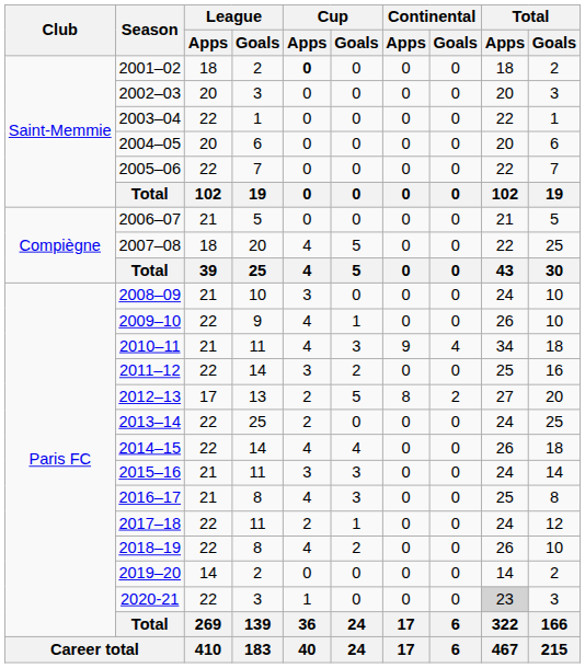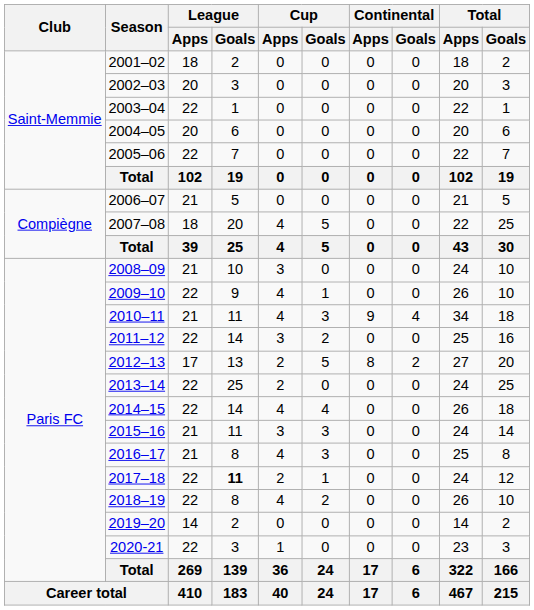 <table class="wikitable" style="text-align: center;">
 <tr>
 <th rowspan="2">Club</th>
 <th rowspan="2">Season</th>
 <th colspan="2">League</th>
 <th colspan="2">Cup</th>
 <th colspan="2">Continental</th>
 <th colspan="2">Total</th>
 </tr>
 <tr>
 <th>Apps</th>
 <th>Goals</th>
 <th>Apps</th>
 <th>Goals</th>
 <th>Apps</th>
 <th>Goals</th>
 <th>Apps</th>
 <th>Goals</th>
 </tr>
 <tr>
 <td rowspan="6" valign="center"><a href='#'>Saint-Memmie</a></td>
 <td>2001–02</td>
 <td>18</td>
 <td>2</td>
-<td><strong>0</strong></td>
+<td>0</td>
 <td>0</td>
 <td>0</td>
 <td>0</td>
 <td>18</td>
 <td>2</td>
 </tr>
 <tr>
 <td>2002–03</td>
 <td>20</td>
 <td>3</td>
 <td>0</td>
 <td>0</td>
 <td>0</td>
 <td>0</td>
 <td>20</td>
 <td>3</td>
 </tr>
 <tr>
 <td>2003–04</td>
 <td>22</td>
 <td>1</td>
 <td>0</td>
 <td>0</td>
 <td>0</td>
 <td>0</td>
 <td>22</td>
 <td>1</td>
 </tr>
 <tr>
 <td>2004–05</td>
 <td>20</td>
 <td>6</td>
 <td>0</td>
 <td>0</td>
 <td>0</td>
 <td>0</td>
 <td>20</td>
 <td>6</td>
 </tr>
 <tr>
 <td>2005–06</td>
 <td>22</td>
 <td>7</td>
 <td>0</td>
 <td>0</td>
 <td>0</td>
 <td>0</td>
 <td>22</td>
 <td>7</td>
 </tr>
 <tr>
 <th>Total</th>
 <th>102</th>
 <th>19</th>
 <th>0</th>
 <th>0</th>
 <th>0</th>
 <th>0</th>
 <th>102</th>
 <th>19</th>
 </tr>
 <tr>
 <td rowspan="3" valign="center"><a href='#'>Compiègne</a></td>
 <td>2006–07</td>
 <td>21</td>
 <td>5</td>
 <td>0</td>
 <td>0</td>
 <td>0</td>
 <td>0</td>
 <td>21</td>
 <td>5</td>
 </tr>
 <tr>
 <td>2007–08</td>
 <td>18</td>
 <td>20</td>
 <td>4</td>
 <td>5</td>
 <td>0</td>
 <td>0</td>
 <td>22</td>
 <td>25</td>
 </tr>
 <tr>
 <th>Total</th>
 <th>39</th>
 <th>25</th>
 <th>4</th>
 <th>5</th>
 <th>0</th>
 <th>0</th>
 <th>43</th>
 <th>30</th>
 </tr>
 <tr>
 <td rowspan="14" valign="center"><a href='#'>Paris FC</a></td>
 <td><a href='#'>2008–09</a></td>
 <td>21</td>
 <td>10</td>
 <td>3</td>
 <td>0</td>
 <td>0</td>
 <td>0</td>
 <td>24</td>
 <td>10</td>
 </tr>
 <tr>
 <td><a href='#'>2009–10</a></td>
 <td>22</td>
 <td>9</td>
 <td>4</td>
 <td>1</td>
 <td>0</td>
 <td>0</td>
 <td>26</td>
 <td>10</td>
 </tr>
 <tr>
 <td><a href='#'>2010–11</a></td>
 <td>21</td>
 <td>11</td>
 <td>4</td>
 <td>3</td>
 <td>9</td>
 <td>4</td>
 <td>34</td>
 <td>18</td>
 </tr>
 <tr>
 <td><a href='#'>2011–12</a></td>
 <td>22</td>
 <td>14</td>
 <td>3</td>
 <td>2</td>
 <td>0</td>
 <td>0</td>
 <td>25</td>
 <td>16</td>
 </tr>
 <tr>
 <td><a href='#'>2012–13</a></td>
 <td>17</td>
 <td>13</td>
 <td>2</td>
 <td>5</td>
 <td>8</td>
 <td>2</td>
 <td>27</td>
 <td>20</td>
 </tr>
 <tr>
 <td><a href='#'>2013–14</a></td>
 <td>22</td>
 <td>25</td>
 <td>2</td>
 <td>0</td>
 <td>0</td>
 <td>0</td>
 <td>24</td>
 <td>25</td>
 </tr>
 <tr>
 <td><a href='#'>2014–15</a></td>
 <td>22</td>
 <td>14</td>
 <td>4</td>
 <td>4</td>
 <td>0</td>
 <td>0</td>
 <td>26</td>
 <td>18</td>
 </tr>
 <tr>
 <td><a href='#'>2015–16</a></td>
 <td>21</td>
 <td>11</td>
 <td>3</td>
 <td>3</td>
 <td>0</td>
 <td>0</td>
 <td>24</td>
 <td>14</td>
 </tr>
 <tr>
 <td><a href='#'>2016–17</a></td>
 <td>21</td>
 <td>8</td>
 <td>4</td>
 <td>3</td>
 <td>0</td>
 <td>0</td>
 <td>25</td>
 <td>8</td>
 </tr>
 <tr>
 <td><a href='#'>2017–18</a></td>
 <td>22</td>
-<td>11</td>
+<td><strong>11</strong></td>
 <td>2</td>
 <td>1</td>
 <td>0</td>
 <td>0</td>
 <td>24</td>
 <td>12</td>
 </tr>
 <tr>
 <td><a href='#'>2018–19</a></td>
 <td>22</td>
 <td>8</td>
 <td>4</td>
 <td>2</td>
 <td>0</td>
 <td>0</td>
 <td>26</td>
 <td>10</td>
 </tr>
 <tr>
 <td><a href='#'>2019–20</a></td>
 <td>14</td>
 <td>2</td>
 <td>0</td>
 <td>0</td>
 <td>0</td>
 <td>0</td>
 <td>14</td>
 <td>2</td>
 </tr>
 <tr>
 <td><a href='#'>2020-21</a></td>
 <td>22</td>
 <td>3</td>
 <td>1</td>
 <td>0</td>
 <td>0</td>
 <td>0</td>
-<td style="background: lightgrey;">23</td>
+<td>23</td>
 <td>3</td>
 </tr>
 <tr>
 <th>Total</th>
 <th>269</th>
 <th>139</th>
 <th>36</th>
 <th>24</th>
 <th>17</th>
 <th>6</th>
 <th>322</th>
 <th>166</th>
 </tr>
 <tr>
 <th colspan="2">Career total</th>
 <th>410</th>
 <th>183</th>
 <th>40</th>
 <th>24</th>
 <th>17</th>
 <th>6</th>
 <th>467</th>
 <th>215</th>
 </tr>
 </table>
